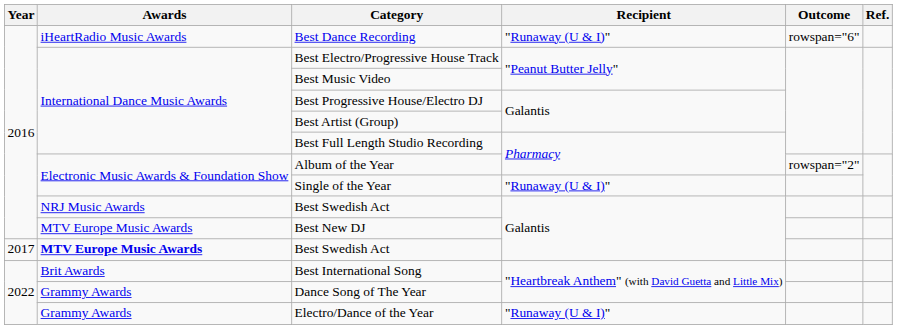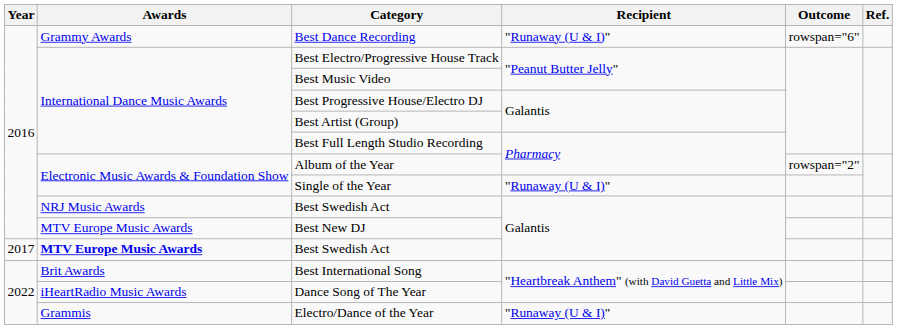 <table class="wikitable sortable">
 <tr>
 <th>Year</th>
 <th>Awards</th>
 <th>Category</th>
 <th>Recipient</th>
 <th>Outcome</th>
 <th>Ref.</th>
 </tr>
 <tr>
 <td rowspan="10">2016</td>
-<td><a href='#'>iHeartRadio Music Awards</a></td>
+<td><a href='#'>Grammy Awards</a></td>
 <td><a href='#'>Best Dance Recording</a></td>
 <td>"<a href='#'>Runaway (U & I)</a>"</td>
 <td>rowspan="6" </td>
 <td></td>
 </tr>
 <tr>
 <td rowspan="5"><a href='#'>International Dance Music Awards</a></td>
 <td>Best Electro/Progressive House Track</td>
 <td rowspan="2">"<a href='#'>Peanut Butter Jelly</a>"</td>
 <td rowspan="5"></td>
 </tr>
 <tr>
 <td>Best Music Video</td>
 </tr>
 <tr>
 <td>Best Progressive House/Electro DJ</td>
 <td rowspan="2">Galantis</td>
 </tr>
 <tr>
 <td>Best Artist (Group)</td>
 </tr>
 <tr>
 <td>Best Full Length Studio Recording</td>
 <td rowspan="2"><em><a href='#'>Pharmacy</a></em></td>
 </tr>
 <tr>
 <td rowspan="2"><a href='#'>Electronic Music Awards & Foundation Show</a></td>
 <td>Album of the Year</td>
 <td>rowspan="2" </td>
 <td rowspan="2"></td>
 </tr>
 <tr>
 <td>Single of the Year</td>
 <td>"<a href='#'>Runaway (U & I)</a>"</td>
 </tr>
 <tr>
 <td><a href='#'>NRJ Music Awards</a></td>
 <td>Best Swedish Act</td>
 <td rowspan="3">Galantis</td>
 <td></td>
 <td></td>
 </tr>
 <tr>
 <td><a href='#'>MTV Europe Music Awards</a></td>
 <td>Best New DJ</td>
 <td></td>
 <td></td>
 </tr>
 <tr>
 <td>2017</td>
 <td><strong><a href='#'>MTV Europe Music Awards</a></strong></td>
 <td>Best Swedish Act</td>
 <td></td>
 <td></td>
 </tr>
 <tr>
 <td rowspan="3">2022</td>
 <td><a href='#'>Brit Awards</a></td>
 <td>Best International Song</td>
 <td rowspan="2">"<a href='#'>Heartbreak Anthem</a>" <small>(with <a href='#'>David Guetta</a> and <a href='#'>Little Mix</a>)</small></td>
 <td></td>
 <td></td>
 </tr>
 <tr>
-<td><a href='#'>Grammy Awards</a></td>
+<td><a href='#'>iHeartRadio Music Awards</a></td>
 <td>Dance Song of The Year</td>
 <td></td>
 <td></td>
 </tr>
 <tr>
-<td><a href='#'>Grammy Awards</a></td>
+<td><a href='#'>Grammis</a></td>
 <td>Electro/Dance of the Year</td>
 <td>"<a href='#'>Runaway (U & I)</a>"</td>
 <td></td>
 <td></td>
 </tr>
 </table>
